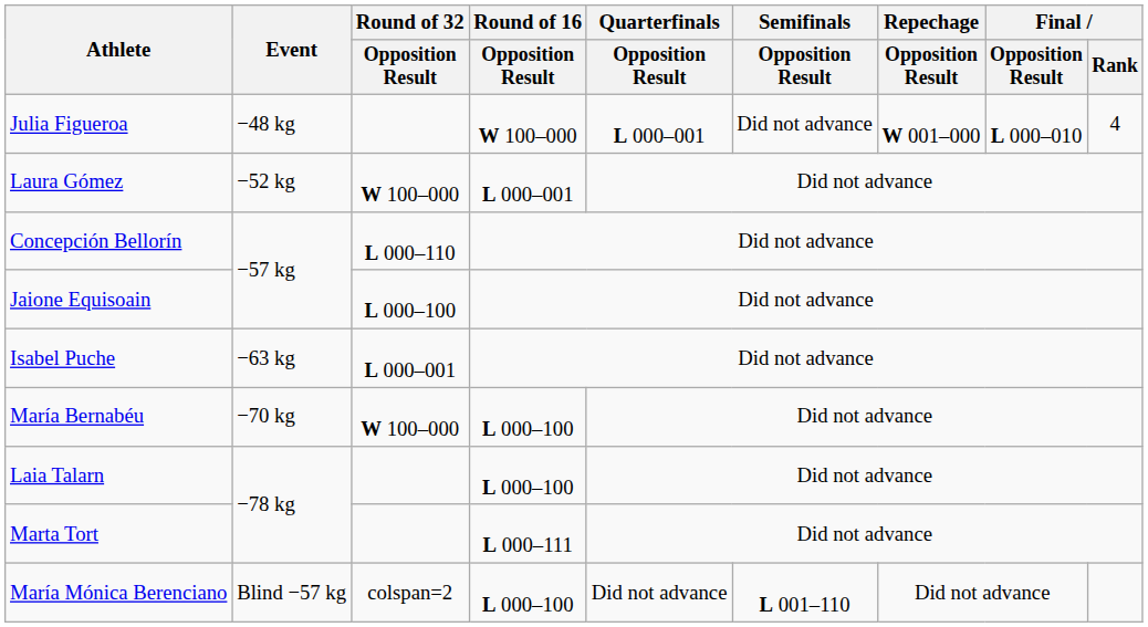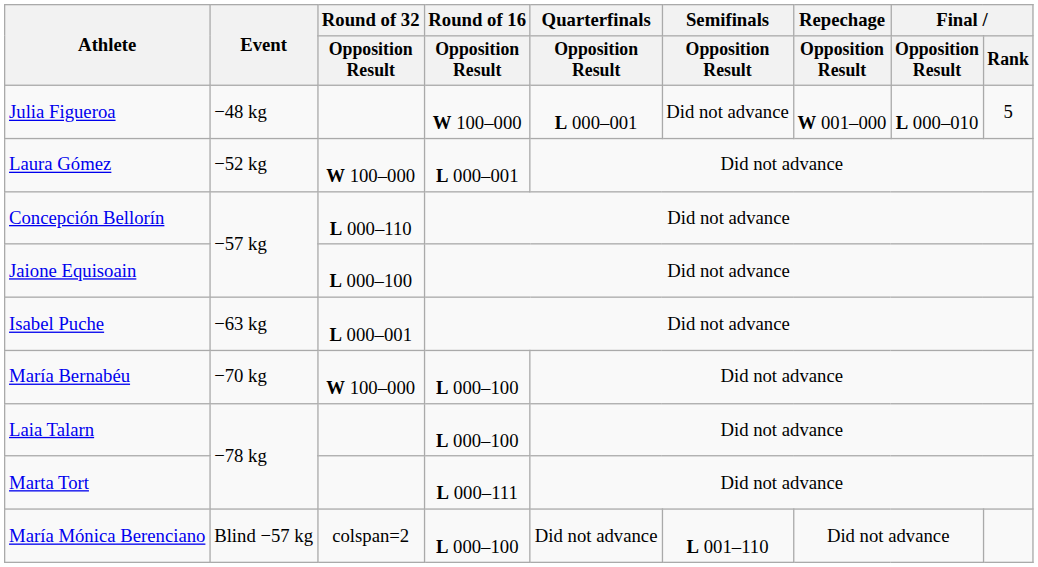 <table class="wikitable" style="font-size:90%">
 <tr>
 <th rowspan="2">Athlete</th>
 <th rowspan="2">Event</th>
 <th>Round of 32</th>
 <th>Round of 16</th>
 <th>Quarterfinals</th>
 <th>Semifinals</th>
 <th>Repechage</th>
 <th colspan=2>Final / </th>
 </tr>
 <tr style="font-size:95%">
 <th>Opposition<br>Result</th>
 <th>Opposition<br>Result</th>
 <th>Opposition<br>Result</th>
 <th>Opposition<br>Result</th>
 <th>Opposition<br>Result</th>
 <th>Opposition<br>Result</th>
 <th>Rank</th>
 </tr>
 <tr align=center>
 <td align=left><a href='#'>Julia Figueroa</a></td>
 <td align=left>−48 kg</td>
 <td></td>
 <td><br><strong>W</strong> 100–000</td>
 <td><br><strong>L</strong> 000–001</td>
 <td>Did not advance</td>
 <td><br><strong>W</strong> 001–000</td>
 <td><br><strong>L</strong> 000–010</td>
-<td>4</td>
+<td>5</td>
 </tr>
 <tr align=center>
 <td align=left><a href='#'>Laura Gómez</a></td>
 <td align=left>−52 kg</td>
 <td><br><strong>W</strong> 100–000</td>
 <td><br><strong>L</strong> 000–001</td>
 <td colspan=5>Did not advance</td>
 </tr>
 <tr align=center>
 <td align=left><a href='#'>Concepción Bellorín</a></td>
 <td align=left rowspan=2>−57 kg</td>
 <td><br><strong>L</strong> 000–110</td>
 <td colspan=6>Did not advance</td>
 </tr>
 <tr align=center>
 <td align=left><a href='#'>Jaione Equisoain</a></td>
 <td><br><strong>L</strong> 000–100</td>
 <td colspan=6>Did not advance</td>
 </tr>
 <tr align=center>
 <td align=left><a href='#'>Isabel Puche</a></td>
 <td align=left>−63 kg</td>
 <td><br><strong>L</strong> 000–001</td>
 <td colspan=6>Did not advance</td>
 </tr>
 <tr align=center>
 <td align=left><a href='#'>María Bernabéu</a></td>
 <td align=left>−70 kg</td>
 <td><br><strong>W</strong> 100–000</td>
 <td><br><strong>L</strong> 000–100</td>
 <td colspan=5>Did not advance</td>
 </tr>
 <tr align=center>
 <td align=left><a href='#'>Laia Talarn</a></td>
 <td align=left rowspan=2>−78 kg</td>
 <td></td>
 <td><br><strong>L</strong> 000–100</td>
 <td colspan=5>Did not advance</td>
 </tr>
 <tr align=center>
 <td align=left><a href='#'>Marta Tort</a></td>
 <td></td>
 <td><br><strong>L</strong> 000–111</td>
 <td colspan=5>Did not advance</td>
 </tr>
 <tr align=center>
 <td align=left><a href='#'>María Mónica Berenciano</a></td>
 <td align=center>Blind −57 kg</td>
 <td>colspan=2 </td>
 <td><br><strong>L</strong> 000–100</td>
 <td>Did not advance</td>
 <td><br><strong>L</strong> 001–110</td>
 <td colspan=2>Did not advance</td>
 </tr>
 </table>
